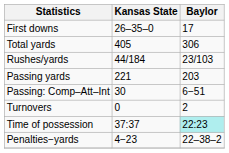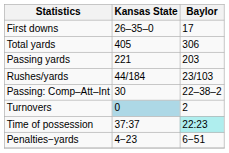 <table class="wikitable" style="float: left;">
 <tr>
 <th>Statistics</th>
 <th>Kansas State</th>
 <th>Baylor</th>
 </tr>
 <tr>
 <td>First downs</td>
 <td>26–35–0</td>
 <td>17</td>
 </tr>
 <tr>
 <td>Total yards</td>
 <td>405</td>
 <td>306</td>
 </tr>
 <tr>
+<td>Passing yards</td>
+<td>221</td>
+<td>203</td>
+</tr>
+<tr>
 <td>Rushes/yards</td>
 <td>44/184</td>
 <td>23/103</td>
 </tr>
 <tr>
-<td>Passing yards</td>
-<td>221</td>
-<td>203</td>
-</tr>
-<tr>
 <td>Passing: Comp–Att–Int</td>
 <td>30</td>
-<td>6−51</td>
+<td>22–38–2</td>
 </tr>
 <tr>
 <td>Turnovers</td>
-<td>0</td>
+<td style="background: lightblue;">0</td>
 <td>2</td>
 </tr>
 <tr>
 <td>Time of possession</td>
 <td>37:37</td>
 <td style="background: paleturquoise;">22:23</td>
 </tr>
 <tr>
 <td>Penalties−yards</td>
 <td>4−23</td>
-<td>22–38–2</td>
+<td>6−51</td>
 </tr>
 <tr>
 </tr>
 </table>
